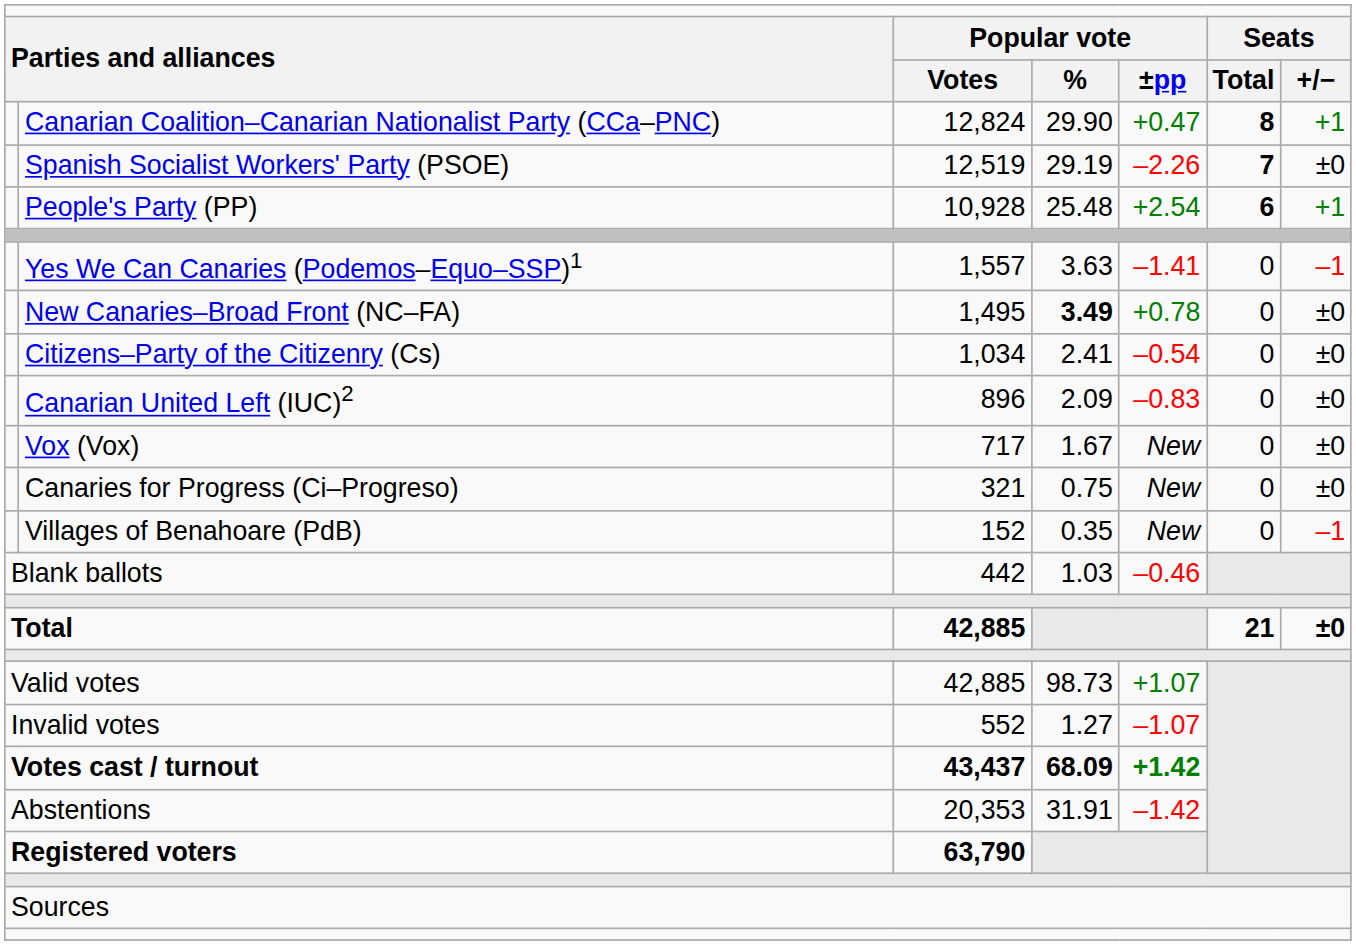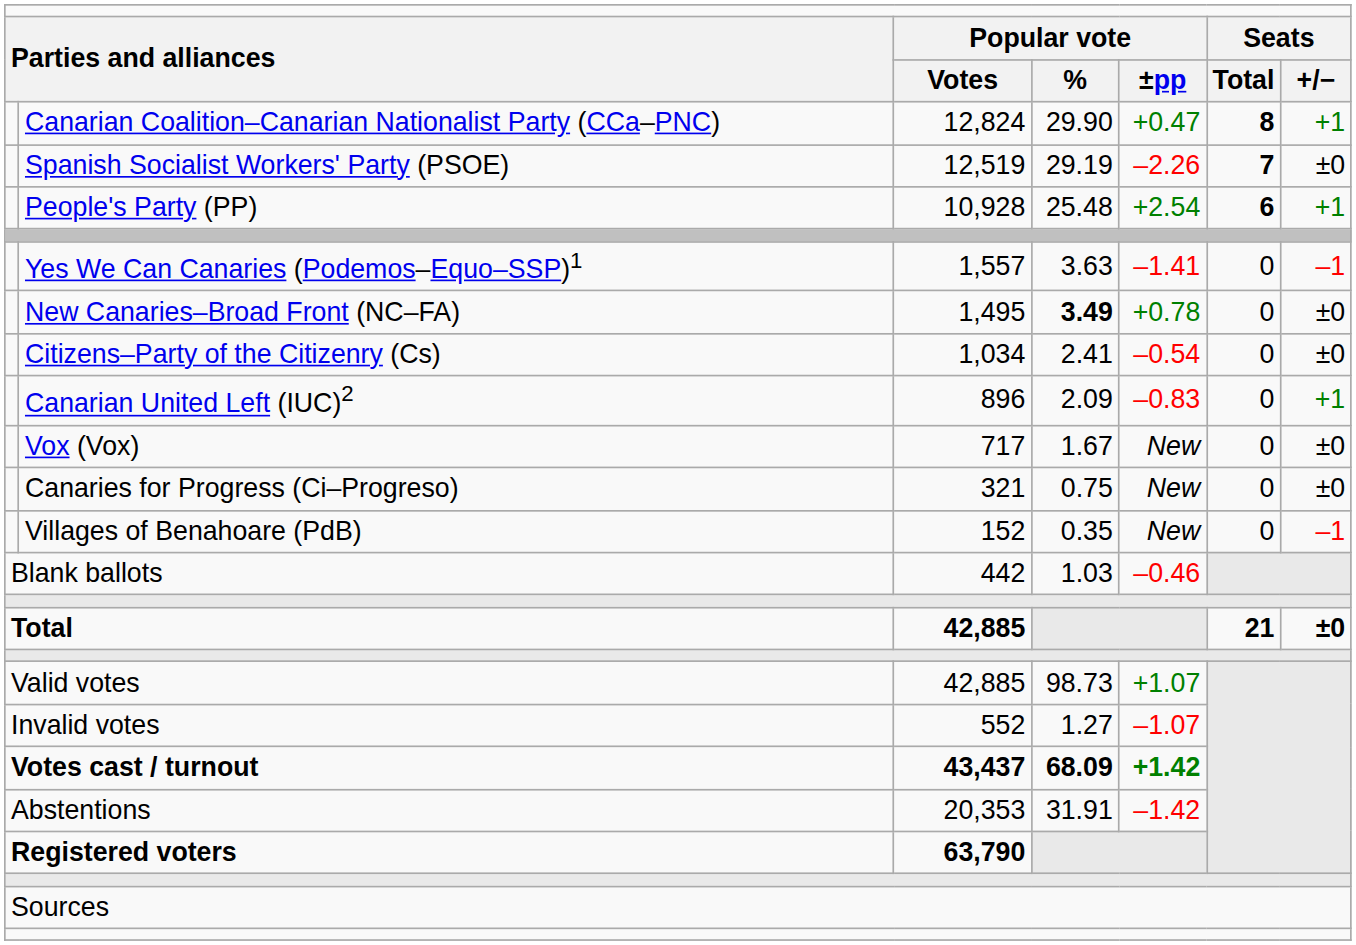 <table class="wikitable" style="text-align:right;">
 <tr>
 <td colspan="7"></td>
 </tr>
 <tr>
 <th style="text-align:left;" rowspan="2" colspan="2" width="525">Parties and alliances</th>
 <th colspan="3">Popular vote</th>
 <th colspan="2">Seats</th>
 </tr>
 <tr>
 <th width="75">Votes</th>
 <th width="45">%</th>
 <th width="45">±<a href='#'>pp</a></th>
 <th width="35">Total</th>
 <th width="35">+/−</th>
 </tr>
 <tr>
 <td width="1" style="color:inherit;background:"></td>
 <td align="left"><a href='#'>Canarian Coalition–Canarian Nationalist Party</a> (<a href='#'>CCa</a>–<a href='#'>PNC</a>)</td>
 <td>12,824</td>
 <td>29.90</td>
 <td style="color:green;">+0.47</td>
 <td><strong>8</strong></td>
 <td style="color:green;">+1</td>
 </tr>
 <tr>
 <td style="color:inherit;background:"></td>
 <td align="left"><a href='#'>Spanish Socialist Workers' Party</a> (PSOE)</td>
 <td>12,519</td>
 <td>29.19</td>
 <td style="color:red;">–2.26</td>
 <td><strong>7</strong></td>
 <td>±0</td>
 </tr>
 <tr>
 <td style="color:inherit;background:"></td>
 <td align="left"><a href='#'>People's Party</a> (PP)</td>
 <td>10,928</td>
 <td>25.48</td>
 <td style="color:green;">+2.54</td>
 <td><strong>6</strong></td>
 <td style="color:green;">+1</td>
 </tr>
 <tr>
 <td colspan="7" bgcolor="#C0C0C0"></td>
 </tr>
 <tr>
 <td style="color:inherit;background:"></td>
 <td align="left"><a href='#'>Yes We Can Canaries</a> (<a href='#'>Podemos</a>–<a href='#'>Equo–SSP</a>)<sup>1</sup></td>
 <td>1,557</td>
 <td>3.63</td>
 <td style="color:red;">–1.41</td>
 <td>0</td>
 <td style="color:red;">–1</td>
 </tr>
 <tr>
 <td style="color:inherit;background:"></td>
 <td align="left"><a href='#'>New Canaries–Broad Front</a> (NC–FA)</td>
 <td>1,495</td>
 <td><strong>3.49</strong></td>
 <td style="color:green;">+0.78</td>
 <td>0</td>
 <td>±0</td>
 </tr>
 <tr>
 <td style="color:inherit;background:"></td>
 <td align="left"><a href='#'>Citizens–Party of the Citizenry</a> (Cs)</td>
 <td>1,034</td>
 <td>2.41</td>
 <td style="color:red;">–0.54</td>
 <td>0</td>
 <td>±0</td>
 </tr>
 <tr>
 <td style="color:inherit;background:"></td>
 <td align="left"><a href='#'>Canarian United Left</a> (IUC)<sup>2</sup></td>
 <td>896</td>
 <td>2.09</td>
 <td style="color:red;">–0.83</td>
 <td>0</td>
-<td>±0</td>
+<td style="color:green;">+1</td>
 </tr>
 <tr>
 <td style="color:inherit;background:"></td>
 <td align="left"><a href='#'>Vox</a> (Vox)</td>
 <td>717</td>
 <td>1.67</td>
 <td><em>New</em></td>
 <td>0</td>
 <td>±0</td>
 </tr>
 <tr>
 <td style="color:inherit;background:"></td>
 <td align="left">Canaries for Progress (Ci–Progreso)</td>
 <td>321</td>
 <td>0.75</td>
 <td><em>New</em></td>
 <td>0</td>
 <td>±0</td>
 </tr>
 <tr>
 <td style="color:inherit;background:"></td>
 <td align="left">Villages of Benahoare (PdB)</td>
 <td>152</td>
 <td>0.35</td>
 <td><em>New</em></td>
 <td>0</td>
 <td style="color:red;">–1</td>
 </tr>
 <tr>
 <td align="left" colspan="2">Blank ballots</td>
 <td>442</td>
 <td>1.03</td>
 <td style="color:red;">–0.46</td>
 <td bgcolor="#E9E9E9" colspan="2"></td>
 </tr>
 <tr>
 <td colspan="7" bgcolor="#E9E9E9"></td>
 </tr>
 <tr style="font-weight:bold;">
 <td align="left" colspan="2">Total</td>
 <td>42,885</td>
 <td bgcolor="#E9E9E9" colspan="2"></td>
 <td>21</td>
 <td>±0</td>
 </tr>
 <tr>
 <td colspan="7" bgcolor="#E9E9E9"></td>
 </tr>
 <tr>
 <td align="left" colspan="2">Valid votes</td>
 <td>42,885</td>
 <td>98.73</td>
 <td style="color:green;">+1.07</td>
 <td bgcolor="#E9E9E9" colspan="2" rowspan="5"></td>
 </tr>
 <tr>
 <td align="left" colspan="2">Invalid votes</td>
 <td>552</td>
 <td>1.27</td>
 <td style="color:red;">–1.07</td>
 </tr>
 <tr style="font-weight:bold;">
 <td align="left" colspan="2">Votes cast / turnout</td>
 <td>43,437</td>
 <td>68.09</td>
 <td style="color:green;">+1.42</td>
 </tr>
 <tr>
 <td align="left" colspan="2">Abstentions</td>
 <td>20,353</td>
 <td>31.91</td>
 <td style="color:red;">–1.42</td>
 </tr>
 <tr style="font-weight:bold;">
 <td align="left" colspan="2">Registered voters</td>
 <td>63,790</td>
 <td bgcolor="#E9E9E9" colspan="2"></td>
 </tr>
 <tr>
 <td colspan="7" bgcolor="#E9E9E9"></td>
 </tr>
 <tr>
 <td align="left" colspan="7">Sources</td>
 </tr>
 <tr>
 <td colspan="7" style="text-align:left; max-width:790px;"></td>
 </tr>
 </table>
